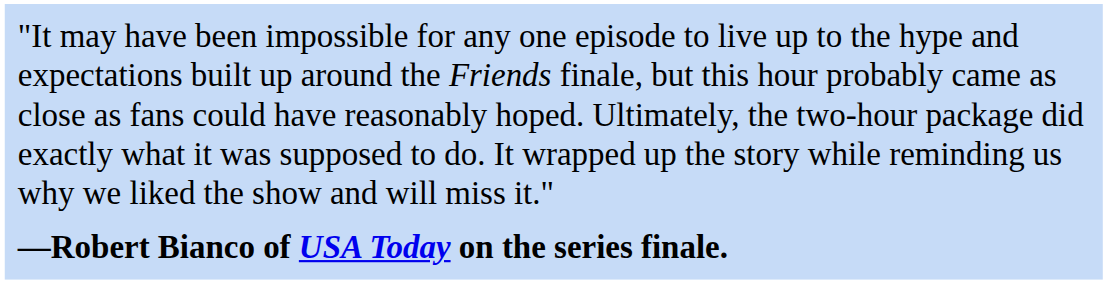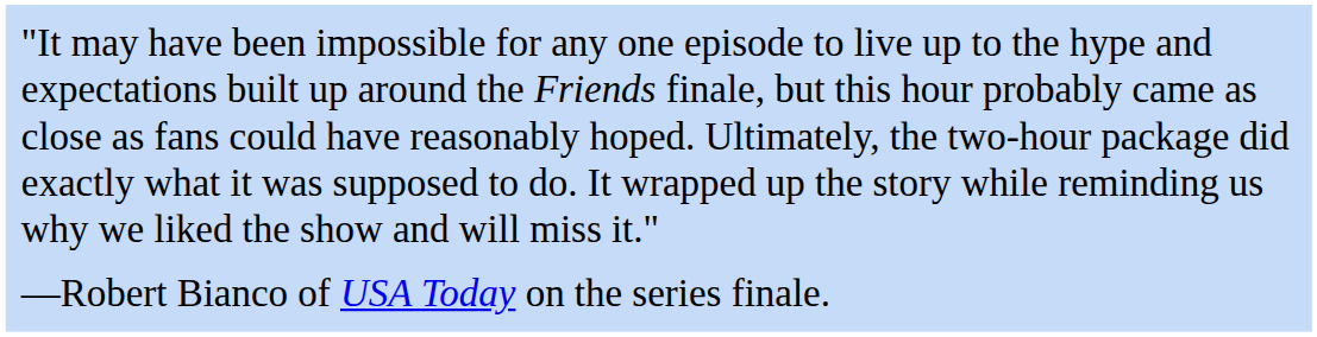 <table class="toccolours" style="float: right; margin-left: 1em; margin-right: 2em; font-size: 95%; background:#c6dbf7; color:black; width:35em; max-width: 40%;" cellspacing="5">
 <tr>
 <td style="text-align: left;">"It may have been impossible for any one episode to live up to the hype and expectations built up around the <em>Friends</em> finale, but this hour probably came as close as fans could have reasonably hoped. Ultimately, the two-hour package did exactly what it was supposed to do. It wrapped up the story while reminding us why we liked the show and will miss it."</td>
 </tr>
 <tr>
-<td style="text-align: left;"><strong>—Robert Bianco of <em><a href='#'>USA Today</a></em> on the series finale.</strong></td>
+<td style="text-align: left;">—Robert Bianco of <em><a href='#'>USA Today</a></em> on the series finale.</td>
 </tr>
 </table>
